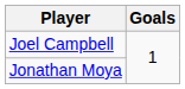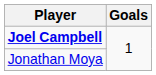 <table class="wikitable">
 <tr>
 <th>Player</th>
 <th>Goals</th>
 </tr>
 <tr>
-<td><a href='#'>Joel Campbell</a></td>
+<td><strong><a href='#'>Joel Campbell</a></strong></td>
 <td rowspan=2 align=center>1</td>
 </tr>
 <tr>
 <td><a href='#'>Jonathan Moya</a></td>
 </tr>
 </table>
